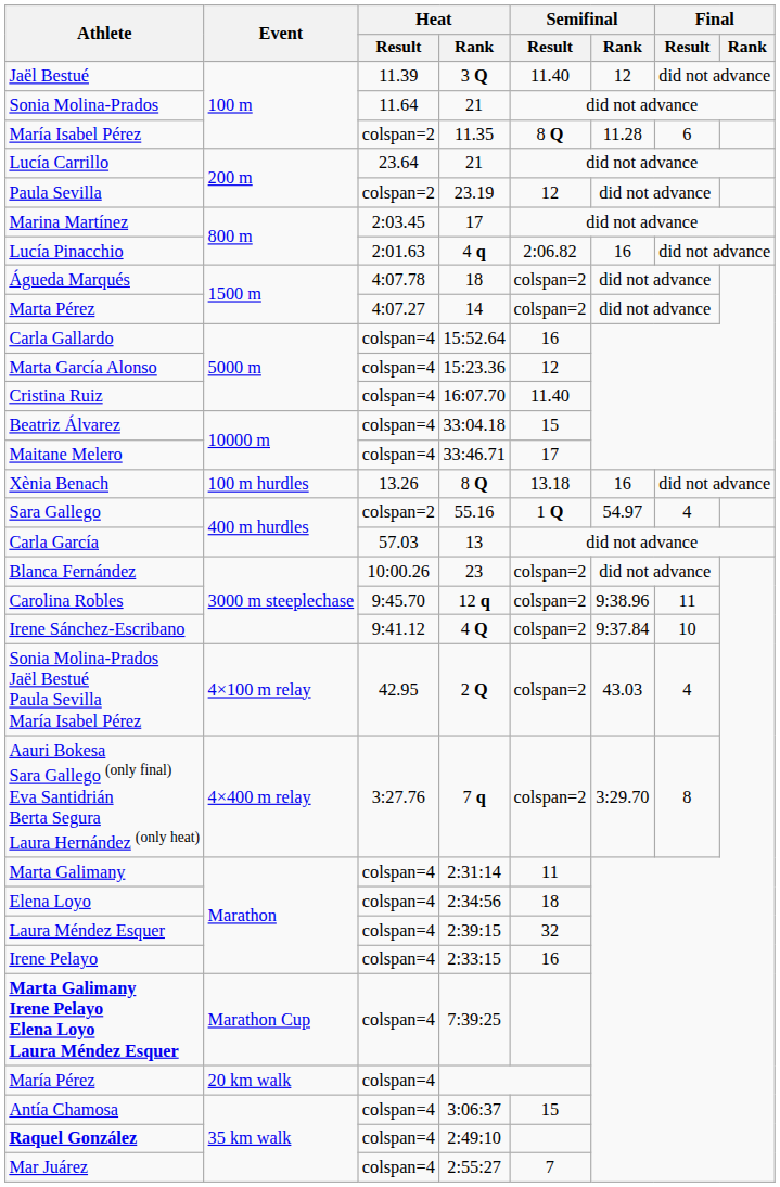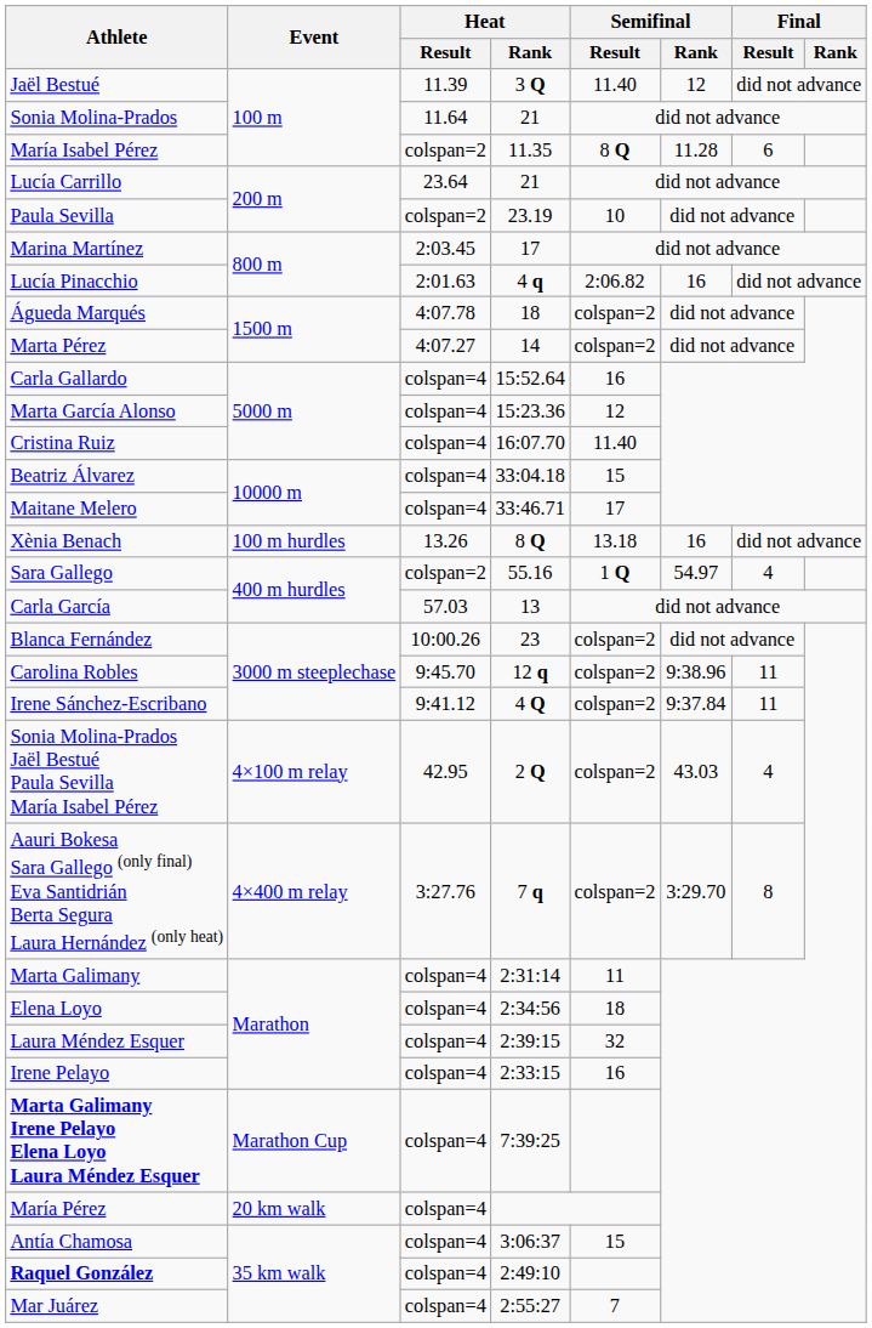 <table class="wikitable" style="font-size:90%">
 <tr>
 <th rowspan="2">Athlete</th>
 <th rowspan="2">Event</th>
 <th colspan="2">Heat</th>
 <th colspan="2">Semifinal</th>
 <th colspan="2">Final</th>
 </tr>
 <tr style="font-size:95%">
 <th>Result</th>
 <th>Rank</th>
 <th>Result</th>
 <th>Rank</th>
 <th>Result</th>
 <th>Rank</th>
 </tr>
 <tr align=center>
 <td align=left><a href='#'>Jaël Bestué</a></td>
 <td align=left rowspan=3><a href='#'>100 m</a></td>
 <td>11.39</td>
 <td>3 <strong>Q</strong></td>
 <td>11.40</td>
 <td>12</td>
 <td colspan=2>did not advance</td>
 </tr>
 <tr align=center>
 <td align=left><a href='#'>Sonia Molina-Prados</a></td>
 <td>11.64</td>
 <td>21</td>
 <td colspan=4>did not advance</td>
 </tr>
 <tr align=center>
 <td align=left><a href='#'>María Isabel Pérez</a></td>
 <td>colspan=2 </td>
 <td>11.35</td>
 <td>8 <strong>Q</strong></td>
 <td>11.28</td>
 <td>6</td>
 </tr>
 <tr align=center>
 <td align=left><a href='#'>Lucía Carrillo</a></td>
 <td align=left rowspan=2><a href='#'>200 m</a></td>
 <td>23.64</td>
 <td>21</td>
 <td colspan=4>did not advance</td>
 </tr>
 <tr align=center>
 <td align=left><a href='#'>Paula Sevilla</a></td>
 <td>colspan=2 </td>
 <td>23.19</td>
-<td>12</td>
+<td>10</td>
 <td colspan=2>did not advance</td>
 </tr>
 <tr align=center>
 <td align=left><a href='#'>Marina Martínez</a></td>
 <td align=left rowspan=2><a href='#'>800 m</a></td>
 <td>2:03.45</td>
 <td>17</td>
 <td colspan=4>did not advance</td>
 </tr>
 <tr align=center>
 <td align=left><a href='#'>Lucía Pinacchio</a></td>
 <td>2:01.63 </td>
 <td>4 <strong>q</strong></td>
 <td>2:06.82</td>
 <td>16</td>
 <td colspan=2>did not advance</td>
 </tr>
 <tr align=center>
 <td align=left><a href='#'>Águeda Marqués</a></td>
 <td align=left rowspan=2><a href='#'>1500 m</a></td>
 <td>4:07.78</td>
 <td>18</td>
 <td>colspan=2 </td>
 <td colspan=2>did not advance</td>
 </tr>
 <tr align=center>
 <td align=left><a href='#'>Marta Pérez</a></td>
 <td>4:07.27</td>
 <td>14</td>
 <td>colspan=2 </td>
 <td colspan=2>did not advance</td>
 </tr>
 <tr align=center>
 <td align=left><a href='#'>Carla Gallardo</a></td>
 <td align=left rowspan=3><a href='#'>5000 m</a></td>
 <td>colspan=4 </td>
 <td>15:52.64</td>
 <td>16</td>
 </tr>
 <tr align=center>
 <td align=left><a href='#'>Marta García Alonso</a></td>
 <td>colspan=4 </td>
 <td>15:23.36 </td>
 <td>12</td>
 </tr>
 <tr align=center>
 <td align=left><a href='#'>Cristina Ruiz</a></td>
 <td>colspan=4 </td>
 <td>16:07.70</td>
 <td>11.40</td>
 </tr>
 <tr align=center>
 <td align=left><a href='#'>Beatriz Álvarez</a></td>
 <td align=left rowspan=2><a href='#'>10000 m</a></td>
 <td>colspan=4 </td>
 <td>33:04.18</td>
 <td>15</td>
 </tr>
 <tr align=center>
 <td align=left><a href='#'>Maitane Melero</a></td>
 <td>colspan=4 </td>
 <td>33:46.71</td>
 <td>17</td>
 </tr>
 <tr align=center>
 <td align=left><a href='#'>Xènia Benach</a></td>
 <td align=left><a href='#'>100 m hurdles</a></td>
 <td>13.26</td>
 <td>8 <strong>Q</strong></td>
 <td>13.18</td>
 <td>16</td>
 <td colspan=2>did not advance</td>
 </tr>
 <tr align=center>
 <td align=left><a href='#'>Sara Gallego</a></td>
 <td align=left rowspan=2><a href='#'>400 m hurdles</a></td>
 <td>colspan=2 </td>
 <td>55.16</td>
 <td>1 <strong>Q</strong></td>
 <td>54.97</td>
 <td>4</td>
 </tr>
 <tr align=center>
 <td align=left><a href='#'>Carla García</a></td>
 <td>57.03</td>
 <td>13</td>
 <td colspan=4>did not advance</td>
 </tr>
 <tr align=center>
 <td align=left><a href='#'>Blanca Fernández</a></td>
 <td align=left rowspan=3><a href='#'>3000 m steeplechase</a></td>
 <td>10:00.26</td>
 <td>23</td>
 <td>colspan=2 </td>
 <td colspan=2>did not advance</td>
 </tr>
 <tr align=center>
 <td align=left><a href='#'>Carolina Robles</a></td>
 <td>9:45.70</td>
 <td>12 <strong>q</strong></td>
 <td>colspan=2 </td>
 <td>9:38.96</td>
 <td>11</td>
 </tr>
 <tr align=center>
 <td align=left><a href='#'>Irene Sánchez-Escribano</a></td>
 <td>9:41.12</td>
 <td>4 <strong>Q</strong></td>
 <td>colspan=2 </td>
 <td>9:37.84</td>
-<td>10</td>
+<td>11</td>
 </tr>
 <tr align=center>
 <td align=left><a href='#'>Sonia Molina-Prados</a> <br> <a href='#'>Jaël Bestué</a> <br> <a href='#'>Paula Sevilla</a> <br> <a href='#'>María Isabel Pérez</a></td>
 <td align=left><a href='#'>4×100 m relay</a></td>
 <td>42.95</td>
 <td>2 <strong>Q</strong></td>
 <td>colspan=2 </td>
 <td>43.03</td>
 <td>4</td>
 </tr>
 <tr align=center>
 <td align=left><a href='#'>Aauri Bokesa</a><br><a href='#'>Sara Gallego</a> <sup>(only final)</sup><br><a href='#'>Eva Santidrián</a><br><a href='#'>Berta Segura</a><br><a href='#'>Laura Hernández</a> <sup>(only heat)</sup></td>
 <td align=left><a href='#'>4×400 m relay</a></td>
 <td>3:27.76 </td>
 <td>7 <strong>q</strong></td>
 <td>colspan=2 </td>
 <td>3:29.70</td>
 <td>8</td>
 </tr>
 <tr align=center>
 <td align=left><a href='#'>Marta Galimany</a></td>
 <td align=left rowspan=4><a href='#'>Marathon</a></td>
 <td>colspan=4 </td>
 <td>2:31:14</td>
 <td>11</td>
 </tr>
 <tr align=center>
 <td align=left><a href='#'>Elena Loyo</a></td>
 <td>colspan=4 </td>
 <td>2:34:56 </td>
 <td>18</td>
 </tr>
 <tr align=center>
 <td align=left><a href='#'>Laura Méndez Esquer</a></td>
 <td>colspan=4 </td>
 <td>2:39:15 </td>
 <td>32</td>
 </tr>
 <tr align=center>
 <td align=left><a href='#'>Irene Pelayo</a></td>
 <td>colspan=4 </td>
 <td>2:33:15 </td>
 <td>16</td>
 </tr>
 <tr align=center>
 <td align=left><strong><a href='#'>Marta Galimany</a><br><a href='#'>Irene Pelayo</a><br><a href='#'>Elena Loyo</a><br><a href='#'>Laura Méndez Esquer</a></strong></td>
 <td align=left><a href='#'>Marathon Cup</a></td>
 <td>colspan=4 </td>
 <td>7:39:25</td>
 <td></td>
 </tr>
 <tr align=center>
 <td align=left><a href='#'>María Pérez</a></td>
 <td align=left><a href='#'>20 km walk</a></td>
 <td>colspan=4 </td>
 <td colspan=2></td>
 </tr>
 <tr align=center>
 <td align=left><a href='#'>Antía Chamosa</a></td>
 <td align=left rowspan=3><a href='#'>35 km walk</a></td>
 <td>colspan=4 </td>
 <td>3:06:37</td>
 <td>15</td>
 </tr>
 <tr align=center>
 <td align=left><strong><a href='#'>Raquel González</a></strong></td>
 <td>colspan=4 </td>
 <td>2:49:10</td>
 <td></td>
 </tr>
 <tr align=center>
 <td align=left><a href='#'>Mar Juárez</a></td>
 <td>colspan=4 </td>
 <td>2:55:27</td>
 <td>7</td>
 </tr>
 </table>
